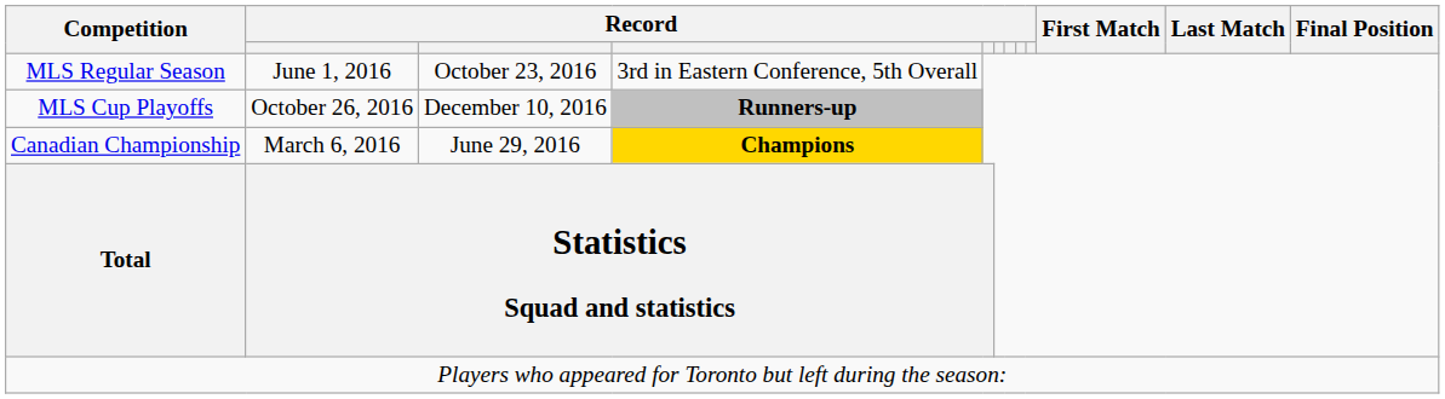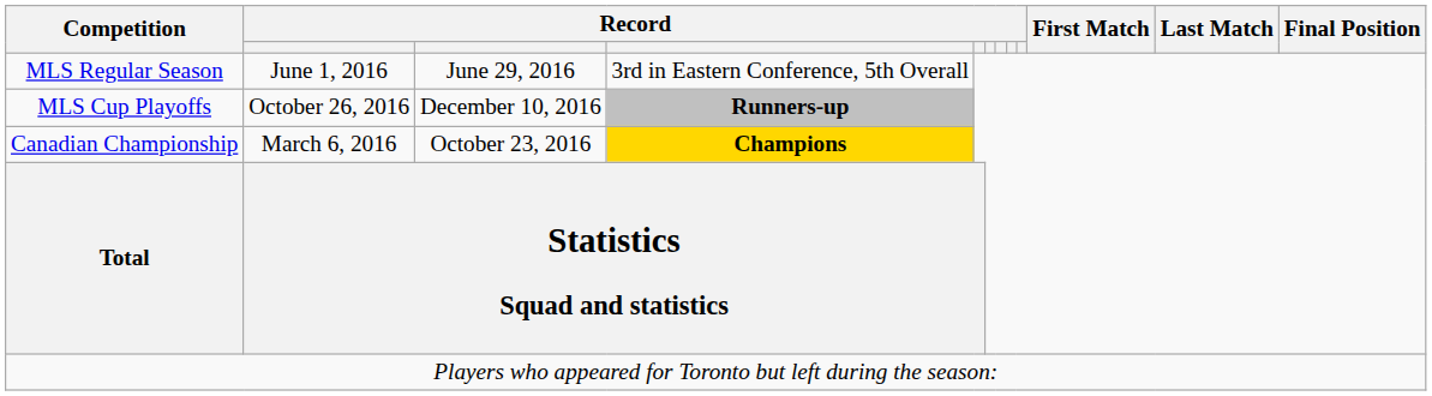 <table class="wikitable" style="text-align: center">
 <tr>
 <th rowspan="2">Competition</th>
 <th colspan="8">Record</th>
 <th rowspan="2">First Match</th>
 <th rowspan="2">Last Match</th>
 <th rowspan="2">Final Position</th>
 </tr>
 <tr>
 <th></th>
 <th></th>
 <th></th>
 <th></th>
 <th></th>
 <th></th>
 <th></th>
 <th></th>
 </tr>
 <tr>
 <td><a href='#'>MLS Regular Season</a><br></td>
 <td>June 1, 2016</td>
-<td>October 23, 2016</td>
+<td>June 29, 2016</td>
 <td>3rd in Eastern Conference, 5th Overall</td>
 </tr>
 <tr>
 <td><a href='#'>MLS Cup Playoffs</a><br></td>
 <td>October 26, 2016</td>
 <td>December 10, 2016</td>
 <td bgcolor=silver><strong>Runners-up</strong></td>
 </tr>
 <tr>
 <td><a href='#'>Canadian Championship</a><br></td>
 <td>March 6, 2016</td>
-<td>June 29, 2016</td>
+<td>October 23, 2016</td>
 <td bgcolor=gold><strong>Champions</strong></td>
 </tr>
 <tr>
 <th>Total<br></th>
 <th colspan=4><br><h2>Statistics</h2><h3>Squad and statistics</h3>                                      </th>
 </tr>
 <tr>
 <td colspan="12"><em>Players who appeared for Toronto but left during the season:</em><br></td>
 </tr>
 </table>
